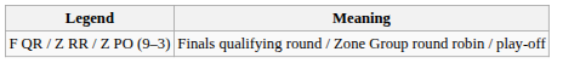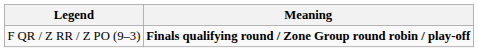 <table class=wikitable style="font-size:90%">
 <tr>
 <th scope="col">Legend</th>
 <th scope="col">Meaning</th>
 </tr>
 <tr style="background:ecf2ff">
 <td>F QR / Z RR / Z PO (9–3)</td>
-<td>Finals qualifying round / Zone Group round robin / play-off</td>
+<td><strong>Finals qualifying round / Zone Group round robin / play-off</strong></td>
 </tr>
 </table>
